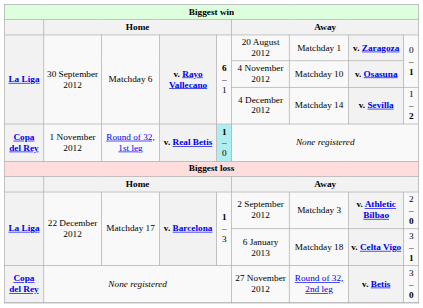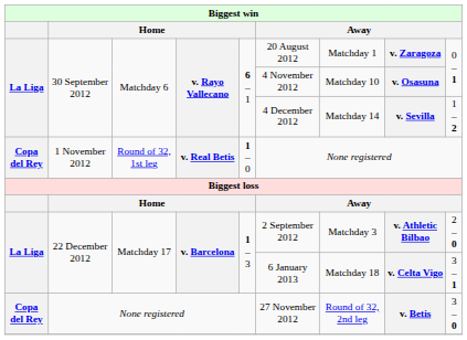 <table class="wikitable" style="font-size: 85%">
 <tr>
 <td bgcolor="#ddffdd" align="center" colspan="11"><strong>Biggest win</strong></td>
 </tr>
 <tr>
 <th></th>
 <th colspan="4">Home</th>
 <th colspan="4">Away</th>
 </tr>
 <tr>
 <th rowspan="3"><a href='#'>La Liga</a></th>
 <td align="center" rowspan="3">30 September 2012</td>
 <td align="center" rowspan="3">Matchday 6</td>
 <th rowspan="3">v. <a href='#'>Rayo Vallecano</a></th>
 <td align="center" rowspan="3"><strong>6</strong> – 1</td>
 <td align="center">20 August 2012</td>
 <td align="center">Matchday 1</td>
 <th>v. <a href='#'>Zaragoza</a></th>
 <td align="center" rowspan="2">0 – <strong>1</strong></td>
 </tr>
 <tr>
 <td align="center">4 November 2012</td>
 <td align="center">Matchday 10</td>
 <th>v. <a href='#'>Osasuna</a></th>
 </tr>
 <tr>
 <td align="center">4 December 2012</td>
 <td align="center">Matchday 14</td>
 <th>v. <a href='#'>Sevilla</a></th>
 <td align="center">1 – <strong>2</strong></td>
 </tr>
 <tr>
 <th><a href='#'>Copa del Rey</a></th>
 <td align="center">1 November 2012</td>
 <td align="center"><a href='#'>Round of 32, 1st leg</a></td>
 <th>v. <a href='#'>Real Betis</a></th>
-<td align="center" style="background: paleturquoise;"><strong>1</strong> – 0</td>
+<td align="center"><strong>1</strong> – 0</td>
 <td align="center" colspan="4"><em>None registered</em></td>
 </tr>
 <tr>
 <td bgcolor="#ffdddd" align="center" colspan="11"><strong>Biggest loss</strong></td>
 </tr>
 <tr>
 <th></th>
 <th colspan="4">Home</th>
 <th colspan="4">Away</th>
 </tr>
 <tr>
 <th rowspan="2"><a href='#'>La Liga</a></th>
 <td align="center" rowspan="2">22 December 2012</td>
 <td align="center" rowspan="2">Matchday 17</td>
 <th rowspan="2">v. <a href='#'>Barcelona</a></th>
 <td align="center" rowspan="2"><strong>1</strong> – 3</td>
 <td align="center">2 September 2012</td>
 <td align="center">Matchday 3</td>
 <th>v. <a href='#'>Athletic Bilbao</a></th>
 <td align="center">2 – <strong>0</strong></td>
 </tr>
 <tr>
 <td align="center">6 January 2013</td>
 <td align="center">Matchday 18</td>
 <th>v. <a href='#'>Celta Vigo</a></th>
 <td align="center">3 – <strong>1</strong></td>
 </tr>
 <tr>
 <th><a href='#'>Copa del Rey</a></th>
 <td align="center" colspan="4"><em>None registered</em></td>
 <td align="center">27 November 2012</td>
 <td align="center"><a href='#'>Round of 32, 2nd leg</a></td>
 <th>v. <a href='#'>Betis</a></th>
 <td align="center">3 – <strong>0</strong></td>
 </tr>
 <tr>
 </tr>
 </table>
